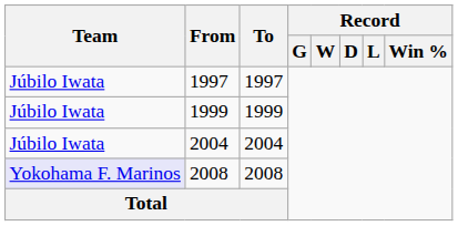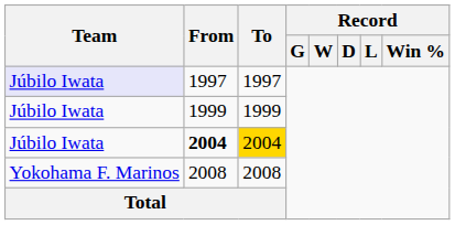 <table class="wikitable" style="text-align: center">
 <tr>
 <th rowspan="2">Team</th>
 <th rowspan="2">From</th>
 <th rowspan="2">To</th>
 <th colspan="5">Record</th>
 </tr>
 <tr>
 <th>G</th>
 <th>W</th>
 <th>D</th>
 <th>L</th>
 <th>Win %</th>
 </tr>
 <tr>
-<td align="left"><a href='#'>Júbilo Iwata</a></td>
+<td align="left" style="background: lavender;"><a href='#'>Júbilo Iwata</a></td>
 <td align="left">1997</td>
 <td align="left">1997<br></td>
 </tr>
 <tr>
 <td align="left"><a href='#'>Júbilo Iwata</a></td>
 <td align="left">1999</td>
 <td align="left">1999<br></td>
 </tr>
 <tr>
 <td align="left"><a href='#'>Júbilo Iwata</a></td>
-<td align="left">2004</td>
-<td align="left">2004<br></td>
+<td align="left"><strong>2004</strong></td>
+<td align="left" style="background: gold;">2004<br></td>
 </tr>
 <tr>
-<td align="left" style="background: lavender;"><a href='#'>Yokohama F. Marinos</a></td>
+<td align="left"><a href='#'>Yokohama F. Marinos</a></td>
 <td align="left">2008</td>
 <td align="left">2008<br></td>
 </tr>
 <tr>
 <th colspan="3">Total<br></th>
 </tr>
 </table>
